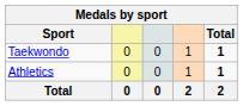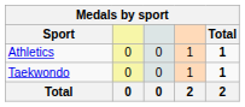 <table class="wikitable" style="font-size:90%; text-align:center;">
 <tr>
 <th colspan=5>Medals by sport</th>
 </tr>
 <tr>
 <th width=120>Sport</th>
 <th scope="col" width=30 style="background:#F7F6A8;"></th>
 <th scope="col" width=30 style="background:#DCE5E5;"></th>
 <th scope="col" width=30 style="background:#FFDAB9;"></th>
 <th width=30>Total</th>
 </tr>
 <tr>
-<td align=left><a href='#'>Taekwondo</a></td>
+<td align=left><a href='#'>Athletics</a></td>
 <td style="background:#F7F6A8;">0</td>
 <td style="background:#DCE5E5;">0</td>
 <td style="background:#FFDAB9;">1</td>
 <td><strong>1</strong></td>
 </tr>
 <tr>
-<td align=left><a href='#'>Athletics</a></td>
+<td align=left><a href='#'>Taekwondo</a></td>
 <td style="background:#F7F6A8;">0</td>
 <td style="background:#DCE5E5;">0</td>
 <td style="background:#FFDAB9;">1</td>
 <td><strong>1</strong></td>
 </tr>
 <tr class="sortbottom">
 <th>Total</th>
 <th>0</th>
 <th>0</th>
 <th>2</th>
 <th>2</th>
 </tr>
 </table>
